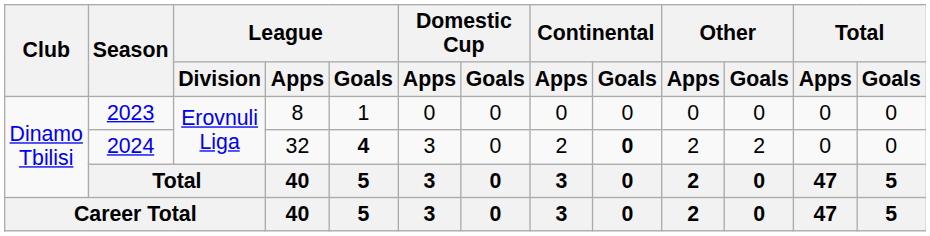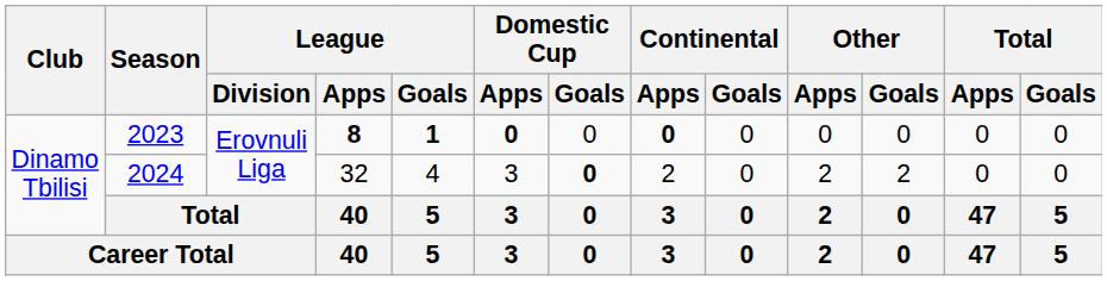 <table class=wikitable style=text-align:center>
 <tr>
 <th rowspan=2>Club</th>
 <th rowspan=2>Season</th>
 <th colspan=3>League</th>
 <th colspan=2>Domestic Cup</th>
 <th colspan=2>Continental</th>
 <th colspan=2>Other</th>
 <th colspan=2>Total</th>
 </tr>
 <tr>
 <th>Division</th>
 <th>Apps</th>
 <th>Goals</th>
 <th>Apps</th>
 <th>Goals</th>
 <th>Apps</th>
 <th>Goals</th>
 <th>Apps</th>
 <th>Goals</th>
 <th>Apps</th>
 <th>Goals</th>
 </tr>
 <tr>
 <td rowspan=3><a href='#'>Dinamo Tbilisi</a></td>
 <td><a href='#'>2023</a></td>
 <td rowspan=2><a href='#'>Erovnuli Liga</a></td>
-<td>8</td>
-<td>1</td>
+<td><strong>8</strong></td>
+<td><strong>1</strong></td>
+<td><strong>0</strong></td>
 <td>0</td>
-<td>0</td>
-<td>0</td>
+<td><strong>0</strong></td>
 <td>0</td>
 <td>0</td>
 <td>0</td>
 <td>0</td>
 <td>0</td>
 </tr>
 <tr>
 <td><a href='#'>2024</a></td>
 <td>32</td>
-<td><strong>4</strong></td>
+<td>4</td>
 <td>3</td>
+<td><strong>0</strong></td>
+<td>2</td>
 <td>0</td>
-<td>2</td>
-<td><strong>0</strong></td>
 <td>2</td>
 <td>2</td>
 <td>0</td>
 <td>0</td>
 </tr>
 <tr>
 <th colspan="2">Total</th>
 <th>40</th>
 <th>5</th>
 <th>3</th>
 <th>0</th>
 <th>3</th>
 <th>0</th>
 <th>2</th>
 <th>0</th>
 <th>47</th>
 <th>5</th>
 </tr>
 <tr>
 <th colspan="3">Career Total</th>
 <th>40</th>
 <th>5</th>
 <th>3</th>
 <th>0</th>
 <th>3</th>
 <th>0</th>
 <th>2</th>
 <th>0</th>
 <th>47</th>
 <th>5</th>
 </tr>
 </table>
